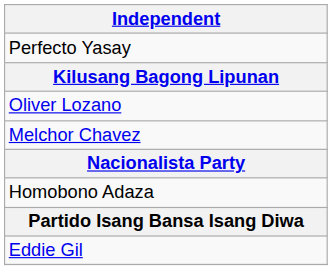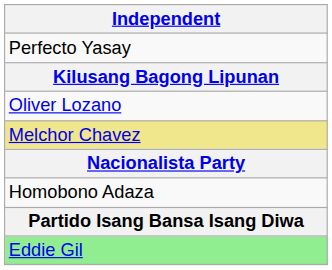 <table class="wikitable" width=22.5%>
 <tr>
 <th><a href='#'>Independent</a></th>
 </tr>
 <tr>
 <td>Perfecto Yasay</td>
 </tr>
 <tr>
 <th><a href='#'>Kilusang Bagong Lipunan</a></th>
 </tr>
 <tr>
 <td><a href='#'>Oliver Lozano</a></td>
 </tr>
 <tr>
-<td><a href='#'>Melchor Chavez</a></td>
+<td style="background: khaki;"><a href='#'>Melchor Chavez</a></td>
 </tr>
 <tr>
 <th><a href='#'>Nacionalista Party</a></th>
 </tr>
 <tr>
 <td>Homobono Adaza</td>
 </tr>
 <tr>
 <th>Partido Isang Bansa Isang Diwa</th>
 </tr>
 <tr>
-<td><a href='#'>Eddie Gil</a></td>
+<td style="background: lightgreen;"><a href='#'>Eddie Gil</a></td>
 </tr>
 <tr>
 </tr>
 </table>
